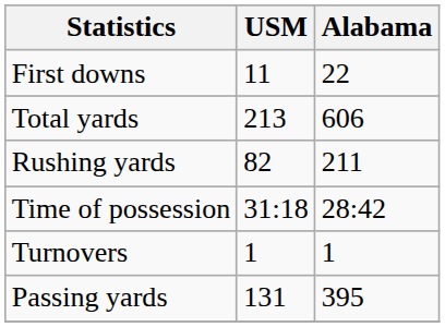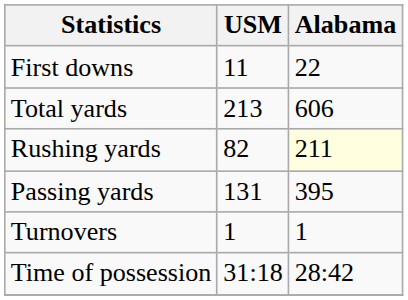 <table class="wikitable" style="float: left;">
 <tr>
 <th>Statistics</th>
 <th>USM</th>
 <th>Alabama</th>
 </tr>
 <tr>
 <td>First downs</td>
 <td>11</td>
 <td>22</td>
 </tr>
 <tr>
 <td>Total yards</td>
 <td>213</td>
 <td>606</td>
 </tr>
 <tr>
 <td>Rushing yards</td>
 <td>82</td>
-<td>211</td>
+<td style="background: lightyellow;">211</td>
+</tr>
+<tr>
+<td>Passing yards</td>
+<td>131</td>
+<td>395</td>
+</tr>
+<tr>
+<td>Turnovers</td>
+<td>1</td>
+<td>1</td>
 </tr>
 <tr>
 <td>Time of possession</td>
 <td>31:18</td>
 <td>28:42</td>
 </tr>
 <tr>
-<td>Turnovers</td>
-<td>1</td>
-<td>1</td>
-</tr>
-<tr>
-<td>Passing yards</td>
-<td>131</td>
-<td>395</td>
-</tr>
-<tr>
 </tr>
 </table>
